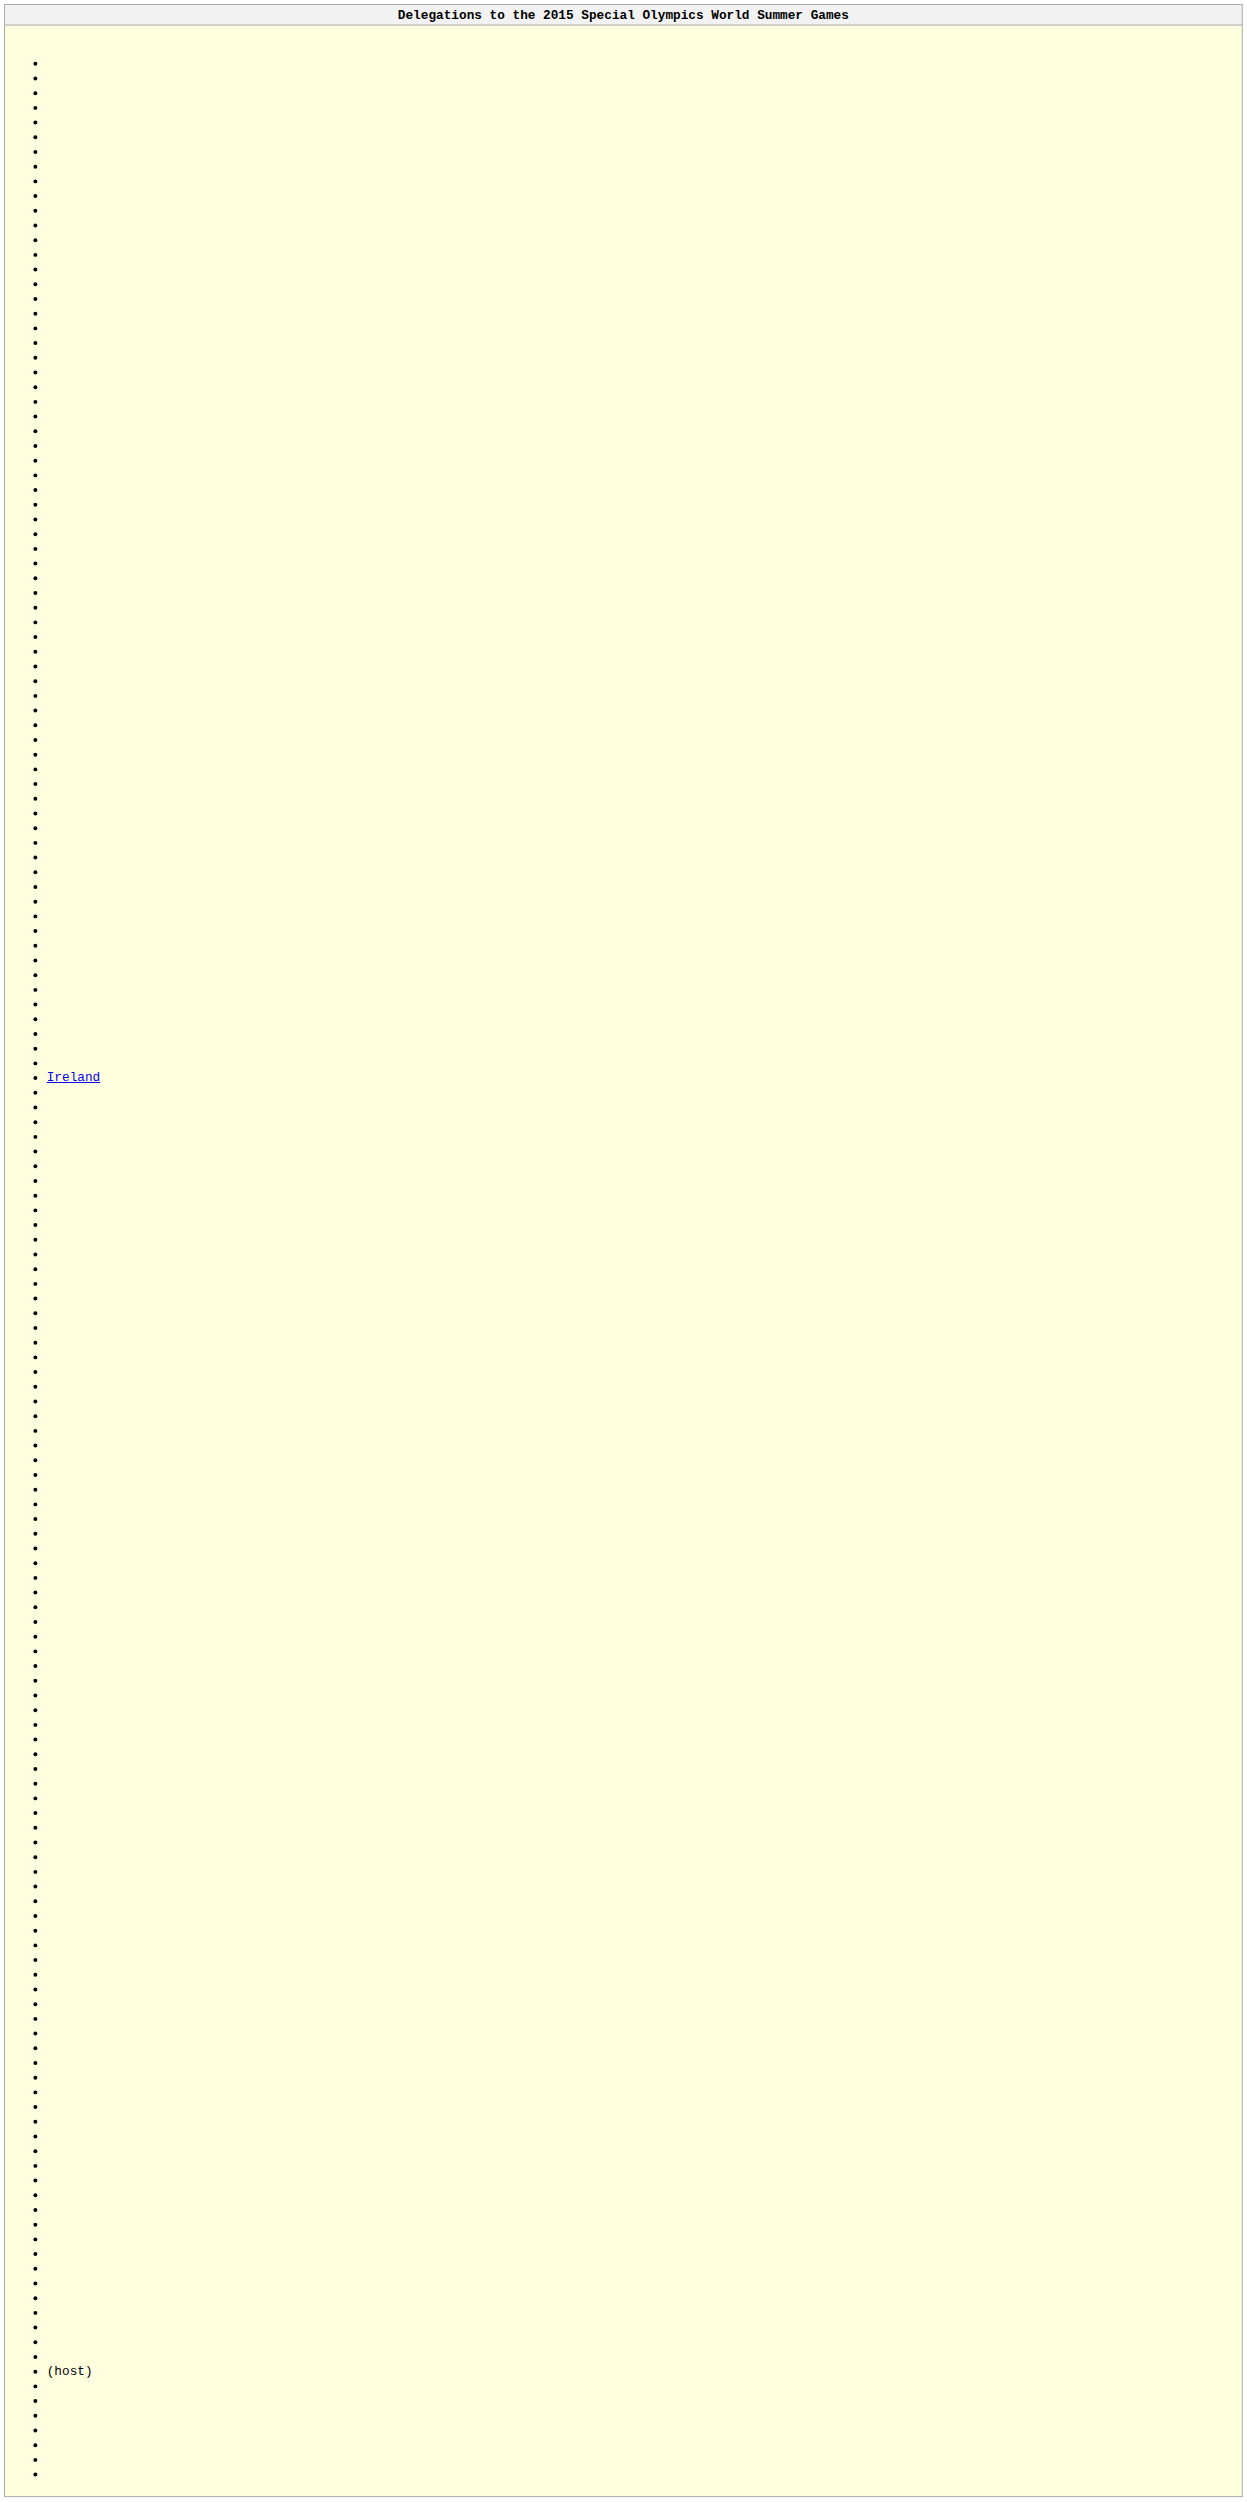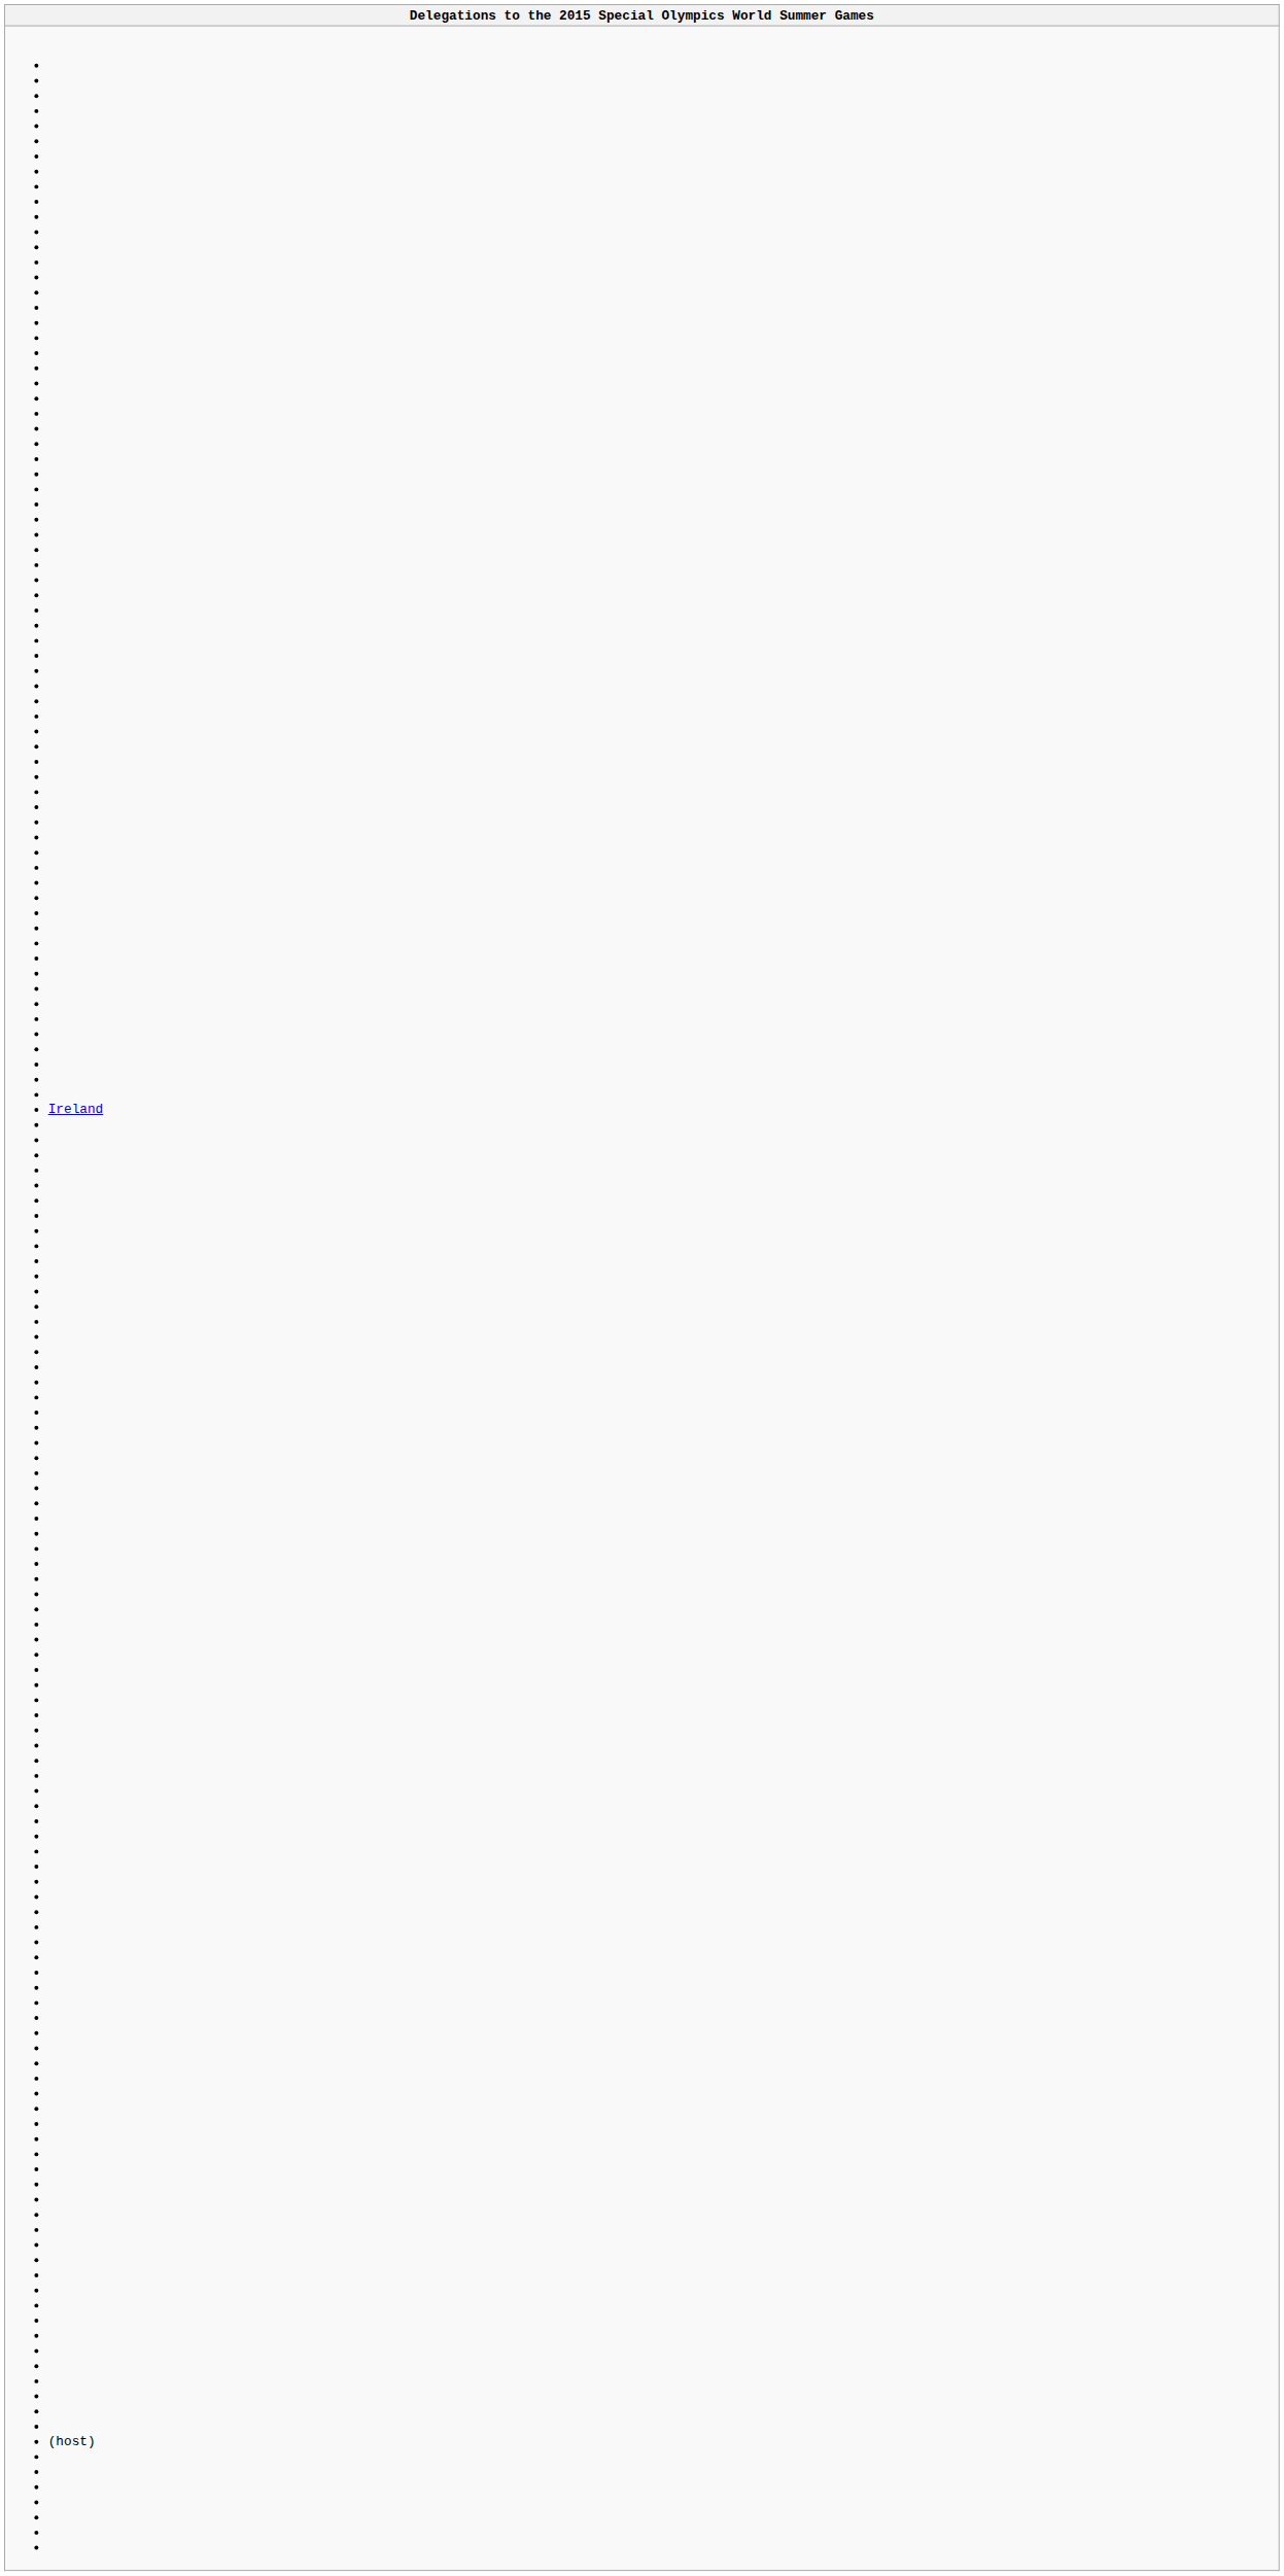 <table class="wikitable collapsible" style="width:100%;">
 <tr>
 <th>Delegations to the 2015 Special Olympics World Summer Games</th>
 </tr>
 <tr>
-<td style="background: lightyellow;"><br><ul><li></li><li></li><li></li><li></li><li></li><li></li><li></li><li></li><li></li><li></li><li></li><li></li><li></li><li></li><li></li><li></li><li></li><li></li><li></li><li></li><li></li><li></li><li></li><li></li><li></li><li></li><li></li><li></li><li></li><li></li><li></li><li></li><li></li><li></li><li></li><li></li><li></li><li></li><li></li><li></li><li></li><li></li><li></li><li></li><li></li><li></li><li></li><li></li><li></li><li></li><li></li><li></li><li></li><li></li><li></li><li></li><li></li><li></li><li></li><li></li><li></li><li></li><li></li><li></li><li></li><li></li><li></li><li></li><li></li><li> <a href='#'>Ireland</a></li><li></li><li></li><li></li><li></li><li></li><li></li><li></li><li></li><li></li><li></li><li></li><li></li><li></li><li></li><li></li><li></li><li></li><li></li><li></li><li></li><li></li><li></li><li></li><li></li><li></li><li></li><li></li><li></li><li></li><li></li><li></li><li></li><li></li><li></li><li></li><li></li><li></li><li></li><li></li><li></li><li></li><li></li><li></li><li></li><li></li><li></li><li></li><li></li><li></li><li></li><li></li><li></li><li></li><li></li><li></li><li></li><li></li><li></li><li></li><li></li><li></li><li></li><li></li><li></li><li></li><li></li><li></li><li></li><li></li><li></li><li></li><li></li><li></li><li></li><li></li><li></li><li></li><li></li><li></li><li></li><li></li><li></li><li></li><li></li><li></li><li></li><li></li><li> (host)</li><li></li><li></li><li></li><li></li><li></li><li></li><li></li></ul></td>
+<td><br><ul><li></li><li></li><li></li><li></li><li></li><li></li><li></li><li></li><li></li><li></li><li></li><li></li><li></li><li></li><li></li><li></li><li></li><li></li><li></li><li></li><li></li><li></li><li></li><li></li><li></li><li></li><li></li><li></li><li></li><li></li><li></li><li></li><li></li><li></li><li></li><li></li><li></li><li></li><li></li><li></li><li></li><li></li><li></li><li></li><li></li><li></li><li></li><li></li><li></li><li></li><li></li><li></li><li></li><li></li><li></li><li></li><li></li><li></li><li></li><li></li><li></li><li></li><li></li><li></li><li></li><li></li><li></li><li></li><li></li><li> <a href='#'>Ireland</a></li><li></li><li></li><li></li><li></li><li></li><li></li><li></li><li></li><li></li><li></li><li></li><li></li><li></li><li></li><li></li><li></li><li></li><li></li><li></li><li></li><li></li><li></li><li></li><li></li><li></li><li></li><li></li><li></li><li></li><li></li><li></li><li></li><li></li><li></li><li></li><li></li><li></li><li></li><li></li><li></li><li></li><li></li><li></li><li></li><li></li><li></li><li></li><li></li><li></li><li></li><li></li><li></li><li></li><li></li><li></li><li></li><li></li><li></li><li></li><li></li><li></li><li></li><li></li><li></li><li></li><li></li><li></li><li></li><li></li><li></li><li></li><li></li><li></li><li></li><li></li><li></li><li></li><li></li><li></li><li></li><li></li><li></li><li></li><li></li><li></li><li></li><li></li><li> (host)</li><li></li><li></li><li></li><li></li><li></li><li></li><li></li></ul></td>
 </tr>
 </table>
